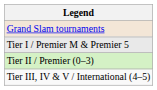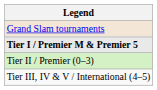 <table class=wikitable style=font-size:90%>
 <tr>
 <th>Legend</th>
 </tr>
 <tr>
 <td bgcolor=f3e6d7><a href='#'>Grand Slam tournaments</a></td>
 </tr>
 <tr>
-<td bgcolor=e9e9e9>Tier I / Premier M & Premier 5</td>
+<td bgcolor=e9e9e9><strong>Tier I / Premier M & Premier 5</strong></td>
 </tr>
 <tr>
 <td bgcolor=d4f1c5>Tier II / Premier (0–3)</td>
 </tr>
 <tr>
 <td>Tier III, IV & V / International (4–5)</td>
 </tr>
 </table>
